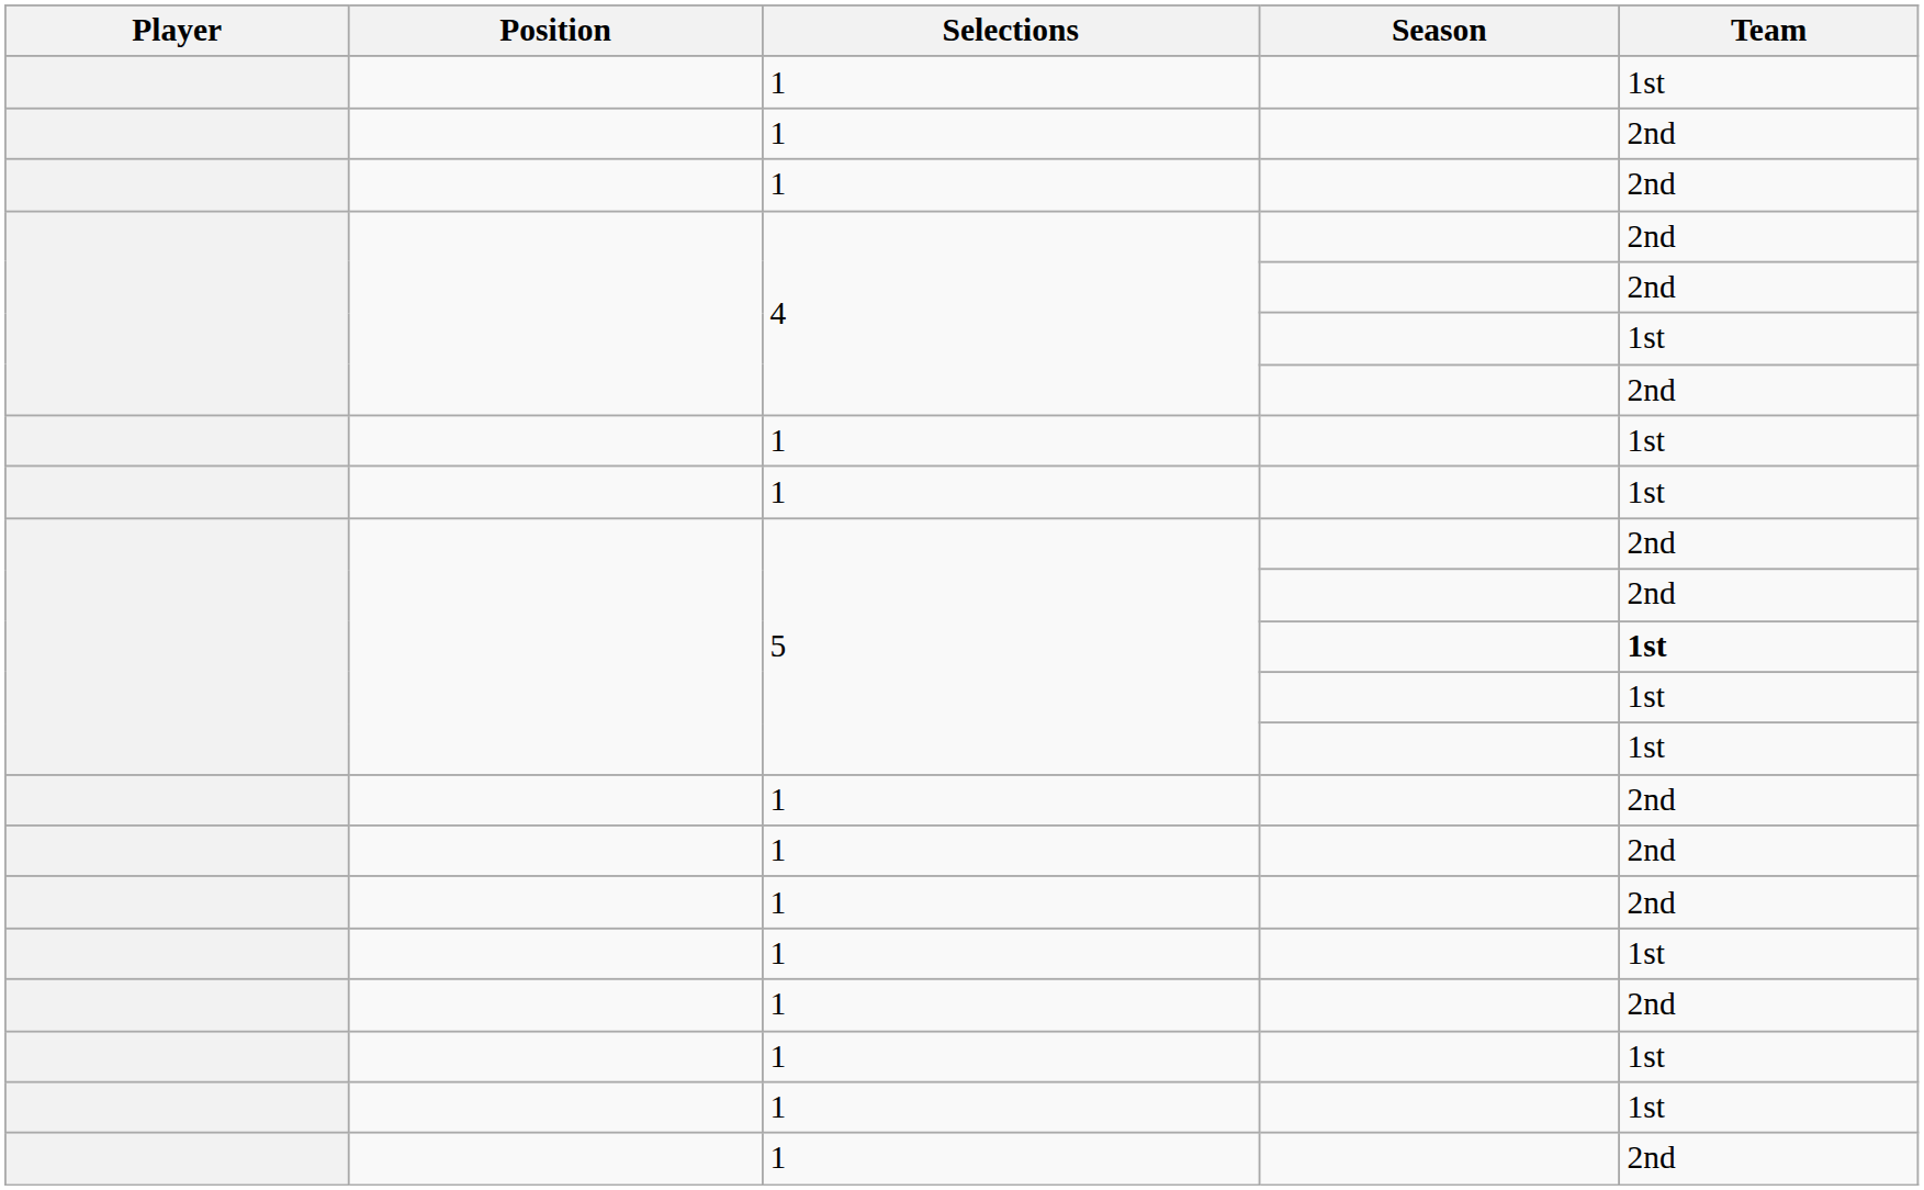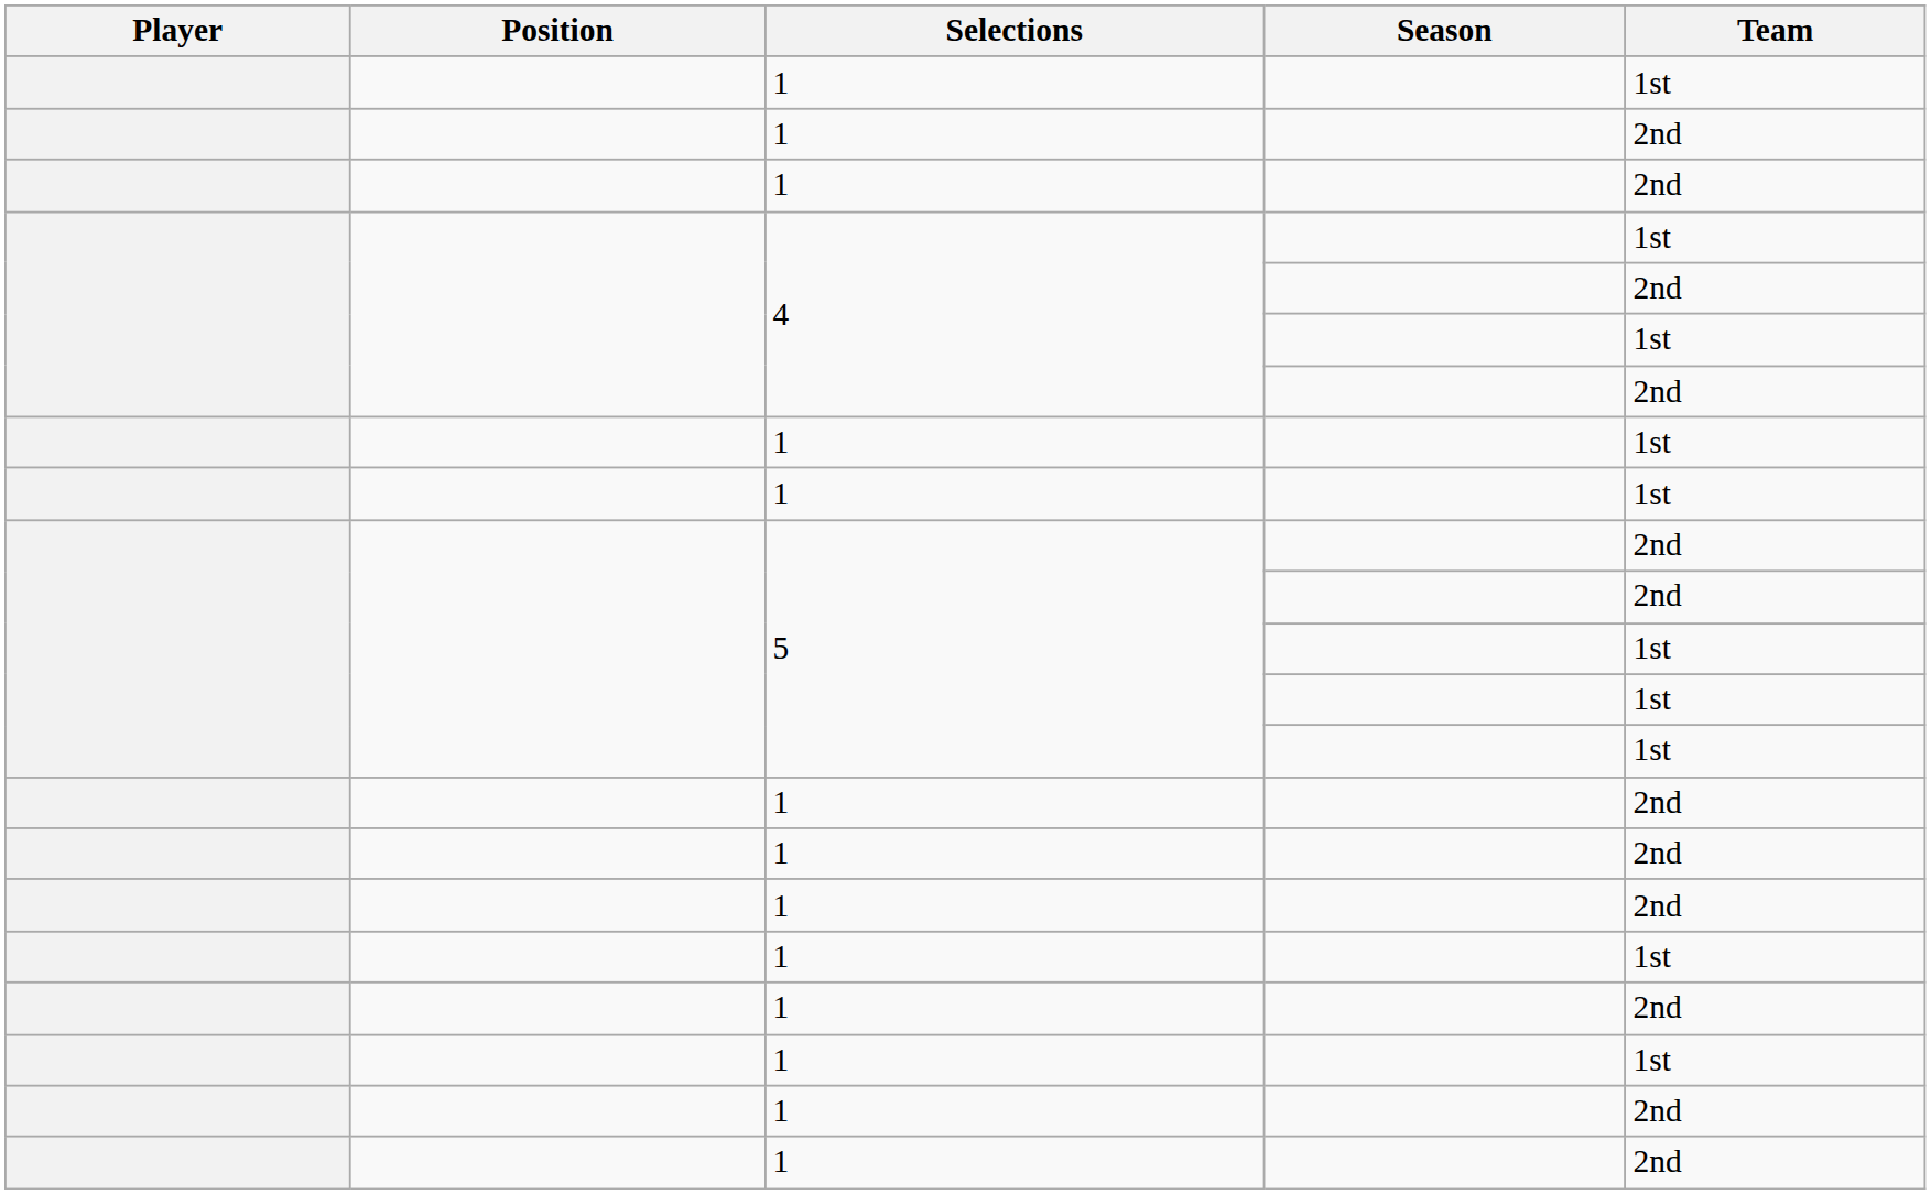 <table class="wikitable sortable" width="75%">
 <tr>
 <th scope="col">Player</th>
 <th scope="col">Position</th>
 <th scope="col">Selections</th>
 <th scope="col">Season</th>
 <th scope="col">Team</th>
 </tr>
 <tr>
 <th scope="row"></th>
 <td></td>
 <td>1</td>
 <td></td>
 <td>1st</td>
 </tr>
 <tr>
 <th scope="row"></th>
 <td></td>
 <td>1</td>
 <td></td>
 <td>2nd</td>
 </tr>
 <tr>
 <th scope="row"></th>
 <td></td>
 <td>1</td>
 <td></td>
 <td>2nd</td>
 </tr>
 <tr>
 <th scope="row" rowspan="4"></th>
 <td rowspan="4"></td>
 <td rowspan="4">4</td>
 <td></td>
-<td>2nd</td>
+<td>1st</td>
 </tr>
 <tr>
 <td></td>
 <td>2nd</td>
 </tr>
 <tr>
 <td></td>
 <td>1st</td>
 </tr>
 <tr>
 <td></td>
 <td>2nd</td>
 </tr>
 <tr>
 <th scope="row"></th>
 <td></td>
 <td>1</td>
 <td></td>
 <td>1st</td>
 </tr>
 <tr>
 <th scope="row"></th>
 <td></td>
 <td>1</td>
 <td></td>
 <td>1st</td>
 </tr>
 <tr>
 <th scope="row" rowspan="5"></th>
 <td rowspan="5"></td>
 <td rowspan="5">5</td>
 <td></td>
 <td>2nd</td>
 </tr>
 <tr>
 <td></td>
 <td>2nd</td>
 </tr>
 <tr>
 <td></td>
-<td><strong>1st</strong></td>
+<td>1st</td>
 </tr>
 <tr>
 <td></td>
 <td>1st</td>
 </tr>
 <tr>
 <td></td>
 <td>1st</td>
 </tr>
 <tr>
 <th scope="row"></th>
 <td></td>
 <td>1</td>
 <td></td>
 <td>2nd</td>
 </tr>
 <tr>
 <th scope="row"></th>
 <td></td>
 <td>1</td>
 <td></td>
 <td>2nd</td>
 </tr>
 <tr>
 <th scope="row"></th>
 <td></td>
 <td>1</td>
 <td></td>
 <td>2nd</td>
 </tr>
 <tr>
 <th scope="row"></th>
 <td></td>
 <td>1</td>
 <td></td>
 <td>1st</td>
 </tr>
 <tr>
 <th scope="row"></th>
 <td></td>
 <td>1</td>
 <td></td>
 <td>2nd</td>
 </tr>
 <tr>
 <th scope="row"></th>
 <td></td>
 <td>1</td>
 <td></td>
 <td>1st</td>
 </tr>
 <tr>
 <th scope="row"></th>
 <td></td>
 <td>1</td>
 <td></td>
-<td>1st</td>
+<td>2nd</td>
 </tr>
 <tr>
 <th scope="row"></th>
 <td></td>
 <td>1</td>
 <td></td>
 <td>2nd</td>
 </tr>
 </table>
